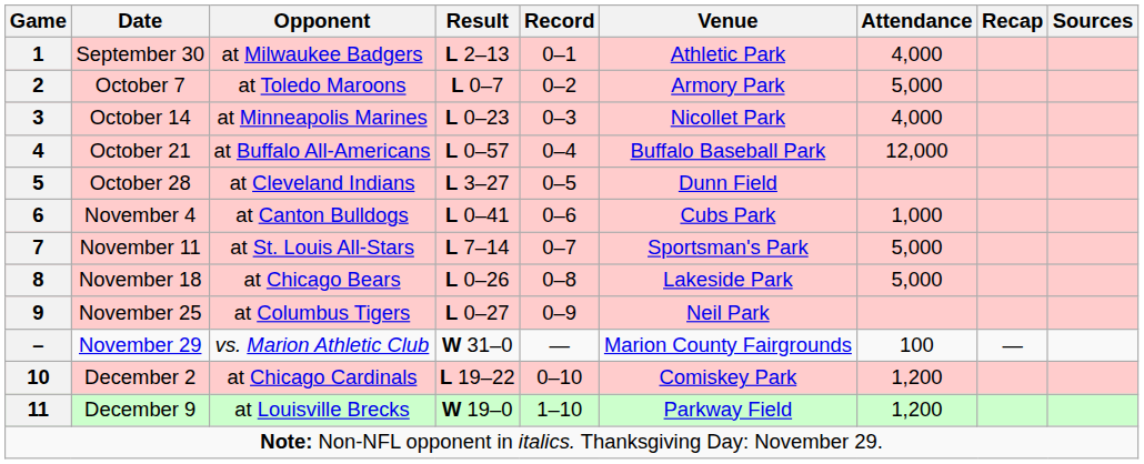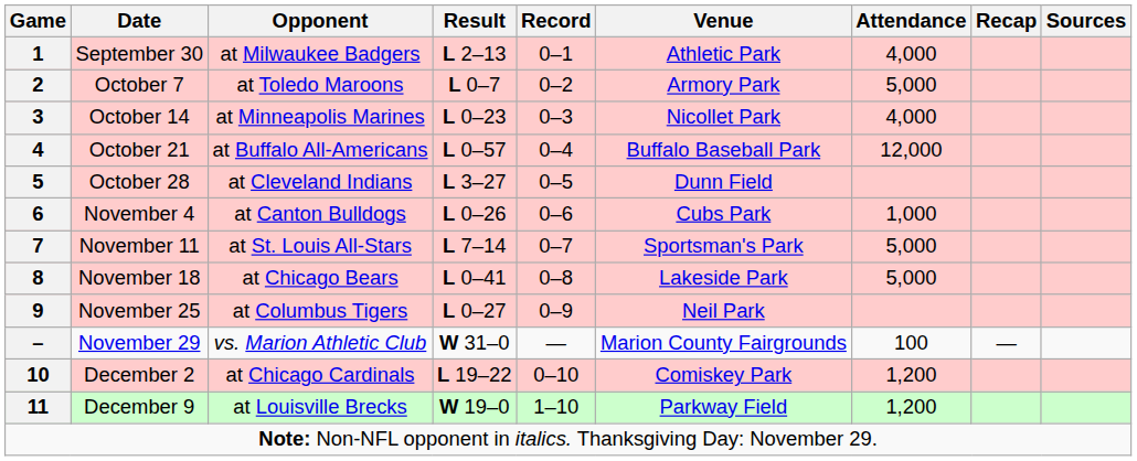 <table class="wikitable" style="text-align:center">
 <tr>
 <th>Game</th>
 <th>Date</th>
 <th>Opponent</th>
 <th>Result</th>
 <th>Record</th>
 <th>Venue</th>
 <th>Attendance</th>
 <th>Recap</th>
 <th>Sources</th>
 </tr>
 <tr style="background:#fcc">
 <th>1</th>
 <td>September 30</td>
 <td>at <a href='#'>Milwaukee Badgers</a></td>
 <td><strong>L</strong> 2–13</td>
 <td>0–1</td>
 <td><a href='#'>Athletic Park</a></td>
 <td>4,000</td>
 <td></td>
 <td></td>
 </tr>
 <tr style="background:#fcc">
 <th>2</th>
 <td>October 7</td>
 <td>at <a href='#'>Toledo Maroons</a></td>
 <td><strong>L</strong> 0–7</td>
 <td>0–2</td>
 <td><a href='#'>Armory Park</a></td>
 <td>5,000</td>
 <td></td>
 <td></td>
 </tr>
 <tr style="background:#fcc">
 <th>3</th>
 <td>October 14</td>
 <td>at <a href='#'>Minneapolis Marines</a></td>
 <td><strong>L</strong> 0–23</td>
 <td>0–3</td>
 <td><a href='#'>Nicollet Park</a></td>
 <td>4,000</td>
 <td></td>
 <td></td>
 </tr>
 <tr style="background:#fcc">
 <th>4</th>
 <td>October 21</td>
 <td>at <a href='#'>Buffalo All-Americans</a></td>
 <td><strong>L</strong> 0–57</td>
 <td>0–4</td>
 <td><a href='#'>Buffalo Baseball Park</a></td>
 <td>12,000</td>
 <td></td>
 <td></td>
 </tr>
 <tr style="background:#fcc">
 <th>5</th>
 <td>October 28</td>
 <td>at <a href='#'>Cleveland Indians</a></td>
 <td><strong>L</strong> 3–27</td>
 <td>0–5</td>
 <td><a href='#'>Dunn Field</a></td>
 <td></td>
 <td></td>
 <td></td>
 </tr>
 <tr style="background:#fcc">
 <th>6</th>
 <td>November 4</td>
 <td>at <a href='#'>Canton Bulldogs</a></td>
-<td><strong>L</strong> 0–41</td>
+<td><strong>L</strong> 0–26</td>
 <td>0–6</td>
 <td><a href='#'>Cubs Park</a></td>
 <td>1,000</td>
 <td></td>
 <td></td>
 </tr>
 <tr style="background:#fcc">
 <th>7</th>
 <td>November 11</td>
 <td>at <a href='#'>St. Louis All-Stars</a></td>
 <td><strong>L</strong> 7–14</td>
 <td>0–7</td>
 <td><a href='#'>Sportsman's Park</a></td>
 <td>5,000</td>
 <td></td>
 <td></td>
 </tr>
 <tr style="background:#fcc">
 <th>8</th>
 <td>November 18</td>
 <td>at <a href='#'>Chicago Bears</a></td>
-<td><strong>L</strong> 0–26</td>
+<td><strong>L</strong> 0–41</td>
 <td>0–8</td>
 <td><a href='#'>Lakeside Park</a></td>
 <td>5,000</td>
 <td></td>
 <td></td>
 </tr>
 <tr style="background:#fcc">
 <th>9</th>
 <td>November 25</td>
 <td>at <a href='#'>Columbus Tigers</a></td>
 <td><strong>L</strong> 0–27</td>
 <td>0–9</td>
 <td><a href='#'>Neil Park</a></td>
 <td></td>
 <td></td>
 <td></td>
 </tr>
 <tr>
 <th>–</th>
 <td><a href='#'>November 29</a></td>
 <td><em>vs. <a href='#'>Marion Athletic Club</a></em></td>
 <td><strong>W</strong> 31–0</td>
 <td>—</td>
 <td><a href='#'>Marion County Fairgrounds</a></td>
 <td>100</td>
 <td>—</td>
 <td></td>
 </tr>
 <tr style="background:#fcc">
 <th>10</th>
 <td>December 2</td>
 <td>at <a href='#'>Chicago Cardinals</a></td>
 <td><strong>L</strong> 19–22</td>
 <td>0–10</td>
 <td><a href='#'>Comiskey Park</a></td>
 <td>1,200</td>
 <td></td>
 <td></td>
 </tr>
 <tr style="background:#cfc">
 <th>11</th>
 <td>December 9</td>
 <td>at <a href='#'>Louisville Brecks</a></td>
 <td><strong>W</strong> 19–0</td>
 <td>1–10</td>
 <td><a href='#'>Parkway Field</a></td>
 <td>1,200</td>
 <td></td>
 <td></td>
 </tr>
 <tr>
 <td colspan="10"><strong>Note:</strong> Non-NFL opponent in <em>italics.</em> Thanksgiving Day: November 29.</td>
 </tr>
 </table>
